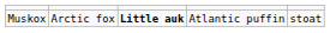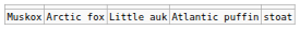 <table class="wikitable">
 <tr>
 <td></td>
 <td></td>
 <td></td>
 <td></td>
 <td></td>
 </tr>
 <tr>
 <td>Muskox</td>
 <td>Arctic fox</td>
-<td><strong>Little auk</strong></td>
+<td>Little auk</td>
 <td>Atlantic puffin</td>
 <td>stoat</td>
 </tr>
 </table>
